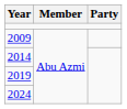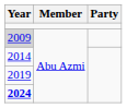 <table class="wikitable">
 <tr>
 <th>Year</th>
 <th>Member</th>
 <th colspan="2">Party</th>
 </tr>
 <tr>
 <td colspan="4"></td>
 </tr>
 <tr>
-<td><a href='#'>2009</a></td>
+<td style="background: lightgrey;"><a href='#'>2009</a></td>
 <td rowspan=4><a href='#'>Abu Azmi</a></td>
 <td></td>
 </tr>
 <tr>
 <td><a href='#'>2014</a></td>
 </tr>
 <tr>
 <td><a href='#'>2019</a></td>
 </tr>
 <tr>
-<td><a href='#'>2024</a></td>
+<td><strong><a href='#'>2024</a></strong></td>
 </tr>
 </table>
